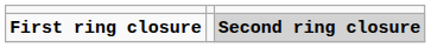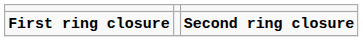 <table align="center"  class="wikitable">
 <tr>
 <td></td>
 <td></td>
 <td></td>
 </tr>
 <tr>
 <td><strong>First ring closure</strong></td>
 <td></td>
-<td style="background: lightgrey;"><strong>Second ring closure</strong></td>
+<td><strong>Second ring closure</strong></td>
 </tr>
 <tr>
 </tr>
 </table>
